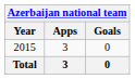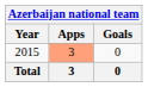 <table class="wikitable" style="text-align:center">
 <tr>
 <th colspan=3><a href='#'>Azerbaijan national team</a></th>
 </tr>
 <tr>
 <th>Year</th>
 <th>Apps</th>
 <th>Goals</th>
 </tr>
 <tr>
 <td>2015</td>
-<td>3</td>
+<td style="background: lightsalmon;">3</td>
 <td>0</td>
 </tr>
 <tr>
 <th>Total</th>
 <th>3</th>
 <th>0</th>
 </tr>
 </table>
